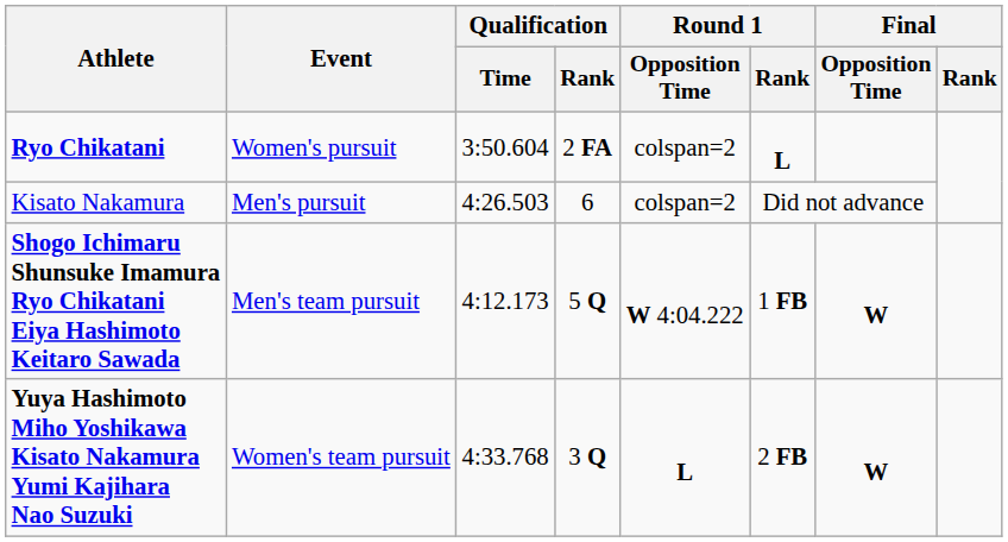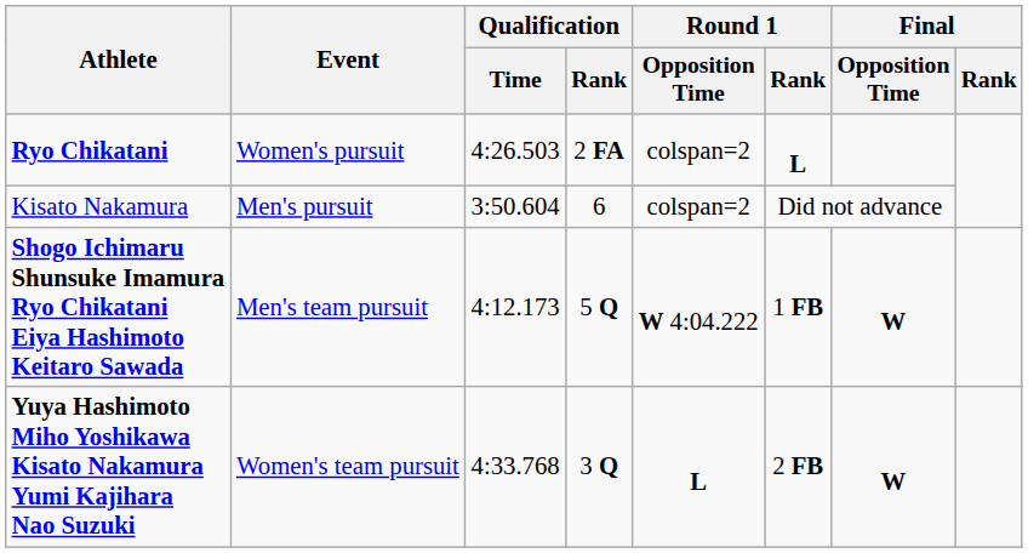 <table class=wikitable style=font-size:90%;text-align:center>
 <tr>
 <th rowspan="2">Athlete</th>
 <th rowspan="2">Event</th>
 <th colspan=2>Qualification</th>
 <th colspan=2>Round 1</th>
 <th colspan=2>Final</th>
 </tr>
 <tr style="font-size:95%">
 <th>Time</th>
 <th>Rank</th>
 <th>Opposition<br>Time</th>
 <th>Rank</th>
 <th>Opposition<br>Time</th>
 <th>Rank</th>
 </tr>
 <tr>
 <td style="text-align:left"><strong><a href='#'>Ryo Chikatani</a></strong></td>
 <td style="text-align:left"><a href='#'>Women's pursuit</a></td>
-<td>3:50.604</td>
+<td>4:26.503</td>
 <td>2 <strong>FA</strong></td>
 <td>colspan=2 </td>
 <td><br><strong>L</strong></td>
 <td></td>
 </tr>
 <tr>
 <td style="text-align:left"><a href='#'>Kisato Nakamura</a></td>
 <td style="text-align:left"><a href='#'>Men's pursuit</a></td>
-<td>4:26.503</td>
+<td>3:50.604</td>
 <td>6</td>
 <td>colspan=2 </td>
 <td colspan=2>Did not advance</td>
 </tr>
 <tr>
 <td style="text-align:left"><strong><a href='#'>Shogo Ichimaru</a><br>Shunsuke Imamura<br><a href='#'>Ryo Chikatani</a><br><a href='#'>Eiya Hashimoto</a><br><a href='#'>Keitaro Sawada</a></strong></td>
 <td style="text-align:left"><a href='#'>Men's team pursuit</a></td>
 <td>4:12.173</td>
 <td>5 <strong>Q</strong></td>
 <td><br><strong>W</strong> 4:04.222</td>
 <td>1 <strong>FB</strong></td>
 <td><br><strong>W</strong></td>
 <td></td>
 </tr>
 <tr>
 <td style="text-align:left"><strong>Yuya Hashimoto<br><a href='#'>Miho Yoshikawa</a><br><a href='#'>Kisato Nakamura</a><br><a href='#'>Yumi Kajihara</a><br><a href='#'>Nao Suzuki</a></strong></td>
 <td style="text-align:left"><a href='#'>Women's team pursuit</a></td>
 <td>4:33.768</td>
 <td>3 <strong>Q</strong></td>
 <td><br><strong>L</strong></td>
 <td>2 <strong>FB</strong></td>
 <td><br><strong>W</strong></td>
 <td></td>
 </tr>
 </table>
